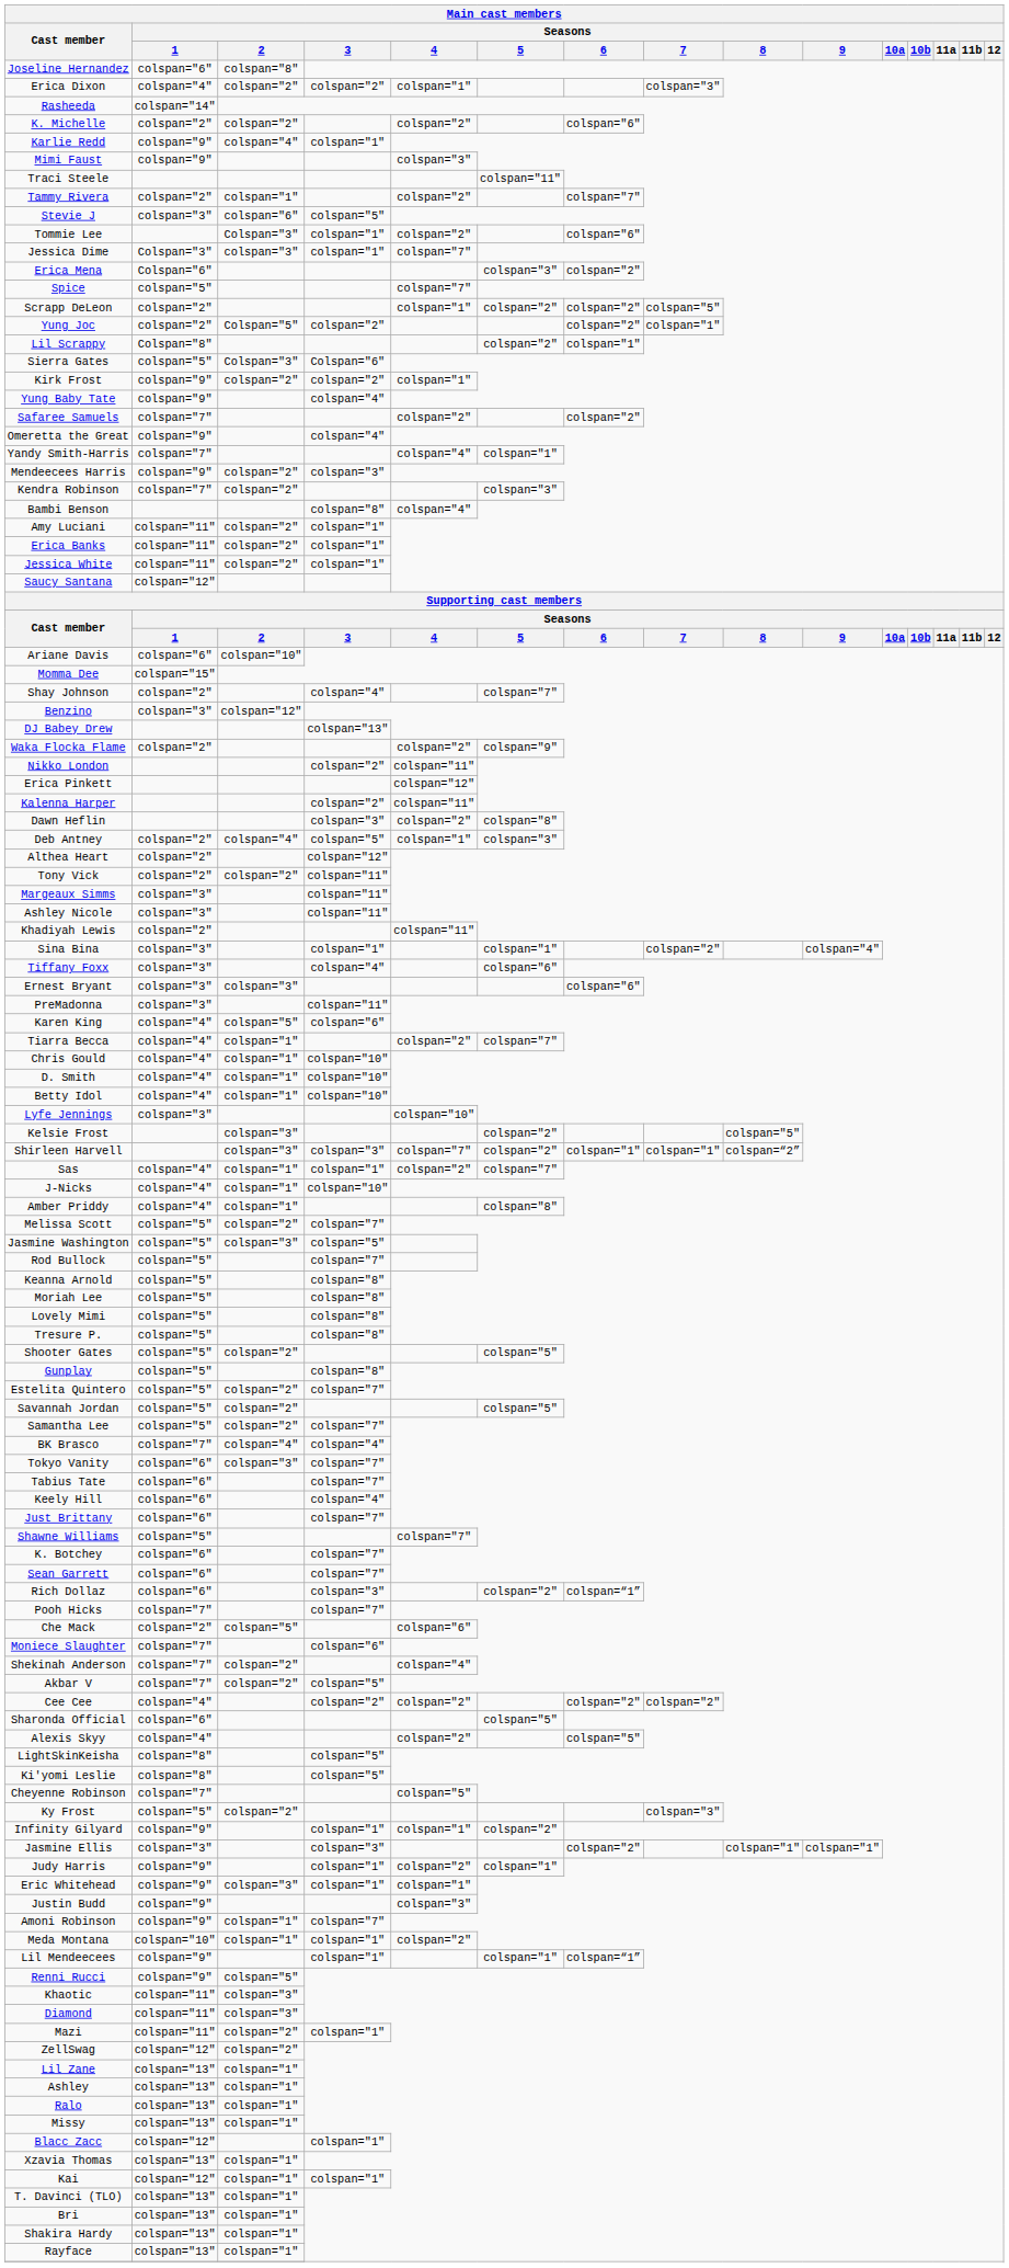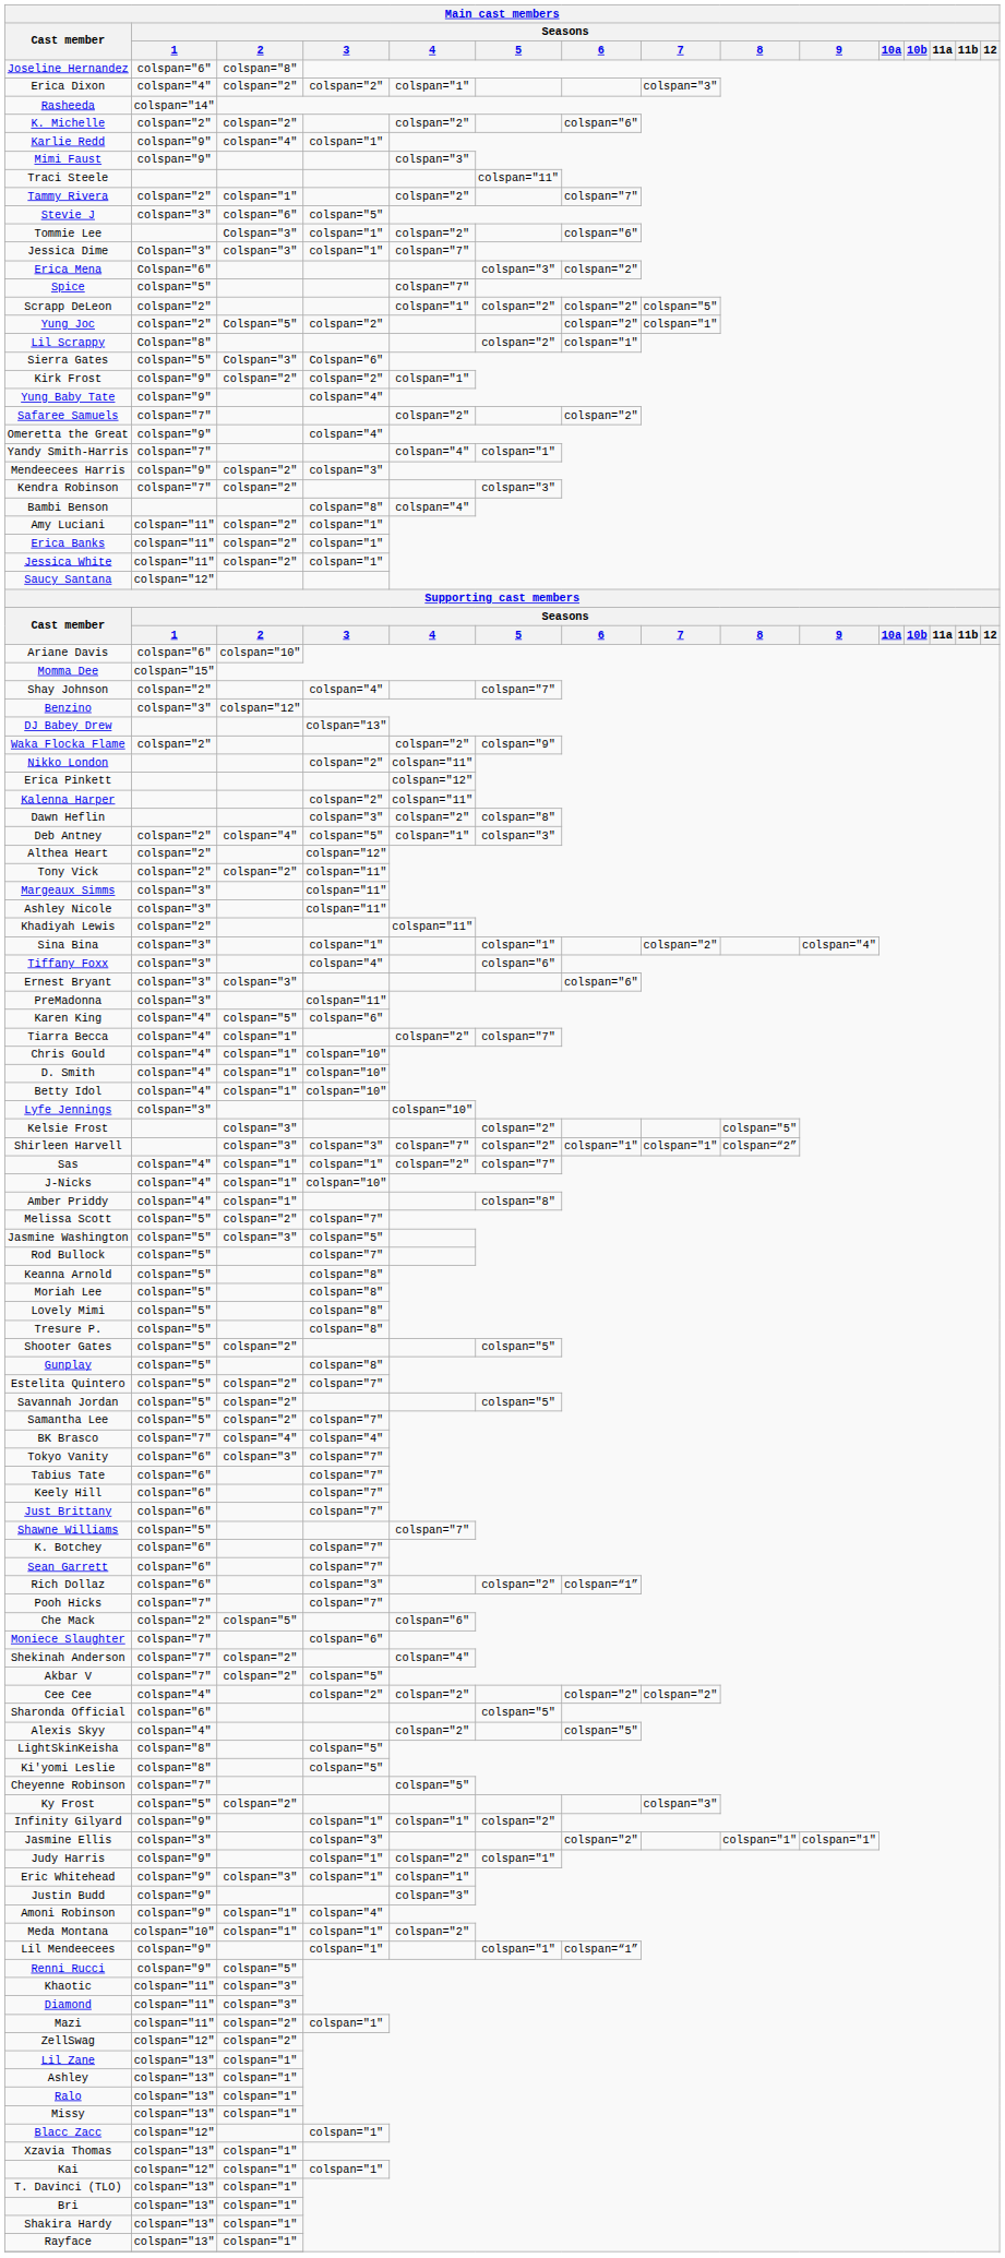 <table class="wikitable plainrowheaders" style="text-align:center;">
 <tr>
 <th colspan=15><a href='#'>Main cast members</a></th>
 </tr>
 <tr>
 <th rowspan="2" scope="col">Cast member</th>
 <th scope="col" colspan="14">Seasons</th>
 </tr>
 <tr>
 <th scope="col"><a href='#'>1</a></th>
 <th scope="col"><a href='#'>2</a></th>
 <th scope="col"><a href='#'>3</a></th>
 <th scope="col"><a href='#'>4</a></th>
 <th scope="col"><a href='#'>5</a></th>
 <th scope="col"><a href='#'>6</a></th>
 <th scope="col"><a href='#'>7</a></th>
 <th scope="col"><a href='#'>8</a></th>
 <th scope="col"><a href='#'>9</a></th>
 <th scope="col"><a href='#'>10a</a></th>
 <th scope="col"><a href='#'>10b</a></th>
 <th scope="col">11a</th>
 <th scope="col">11b</th>
 <th scope="col">12</th>
 </tr>
 <tr>
 <td scope="row"><a href='#'>Joseline Hernandez</a></td>
 <td>colspan="6" </td>
 <td>colspan="8" </td>
 </tr>
 <tr>
 <td scope="row">Erica Dixon</td>
 <td>colspan="4" </td>
 <td>colspan="2" </td>
 <td>colspan="2" </td>
 <td>colspan="1" </td>
 <td></td>
 <td></td>
 <td>colspan="3" </td>
 </tr>
 <tr>
 <td scope="row"><a href='#'>Rasheeda</a></td>
 <td>colspan="14" </td>
 </tr>
 <tr>
 <td scope="row"><a href='#'>K. Michelle</a></td>
 <td>colspan="2" </td>
 <td>colspan="2" </td>
 <td></td>
 <td>colspan="2" </td>
 <td></td>
 <td>colspan="6" </td>
 </tr>
 <tr>
 <td scope="row"><a href='#'>Karlie Redd</a></td>
 <td>colspan="9" </td>
 <td>colspan="4" </td>
 <td>colspan="1" </td>
 </tr>
 <tr>
 <td scope="row"><a href='#'>Mimi Faust</a></td>
 <td>colspan="9" </td>
 <td></td>
 <td></td>
 <td>colspan="3" </td>
 </tr>
 <tr>
 <td scope="row">Traci Steele</td>
 <td></td>
 <td></td>
 <td></td>
 <td></td>
 <td>colspan="11" </td>
 </tr>
 <tr>
 <td scope="row"><a href='#'>Tammy Rivera</a></td>
 <td>colspan="2" </td>
 <td>colspan="1" </td>
 <td></td>
 <td>colspan="2" </td>
 <td></td>
 <td>colspan="7" </td>
 </tr>
 <tr>
 <td scope="row"><a href='#'>Stevie J</a></td>
 <td>colspan="3" </td>
 <td>colspan="6" </td>
 <td>colspan="5" </td>
 </tr>
 <tr>
 <td scope="row">Tommie Lee</td>
 <td></td>
 <td>Colspan="3" </td>
 <td>colspan="1" </td>
 <td>colspan="2" </td>
 <td></td>
 <td>colspan="6" </td>
 </tr>
 <tr>
 <td scope="row">Jessica Dime</td>
 <td>Colspan="3" </td>
 <td>colspan="3" </td>
 <td>colspan="1" </td>
 <td>colspan="7" </td>
 </tr>
 <tr>
 <td scope="row"><a href='#'>Erica Mena</a></td>
 <td>Colspan="6" </td>
 <td></td>
 <td></td>
 <td></td>
 <td>colspan="3" </td>
 <td>colspan="2" </td>
 </tr>
 <tr>
 <td scope="row"><a href='#'>Spice</a></td>
 <td>colspan="5" </td>
 <td></td>
 <td></td>
 <td>colspan="7" </td>
 </tr>
 <tr>
 <td scope="row">Scrapp DeLeon</td>
 <td>colspan="2" </td>
 <td></td>
 <td></td>
 <td>colspan="1" </td>
 <td>colspan="2" </td>
 <td>colspan="2" </td>
 <td>colspan="5" </td>
 </tr>
 <tr>
 <td scope="row"><a href='#'>Yung Joc</a></td>
 <td>colspan="2" </td>
 <td>Colspan="5" </td>
 <td>colspan="2" </td>
 <td></td>
 <td></td>
 <td>colspan="2" </td>
 <td>colspan="1" </td>
 </tr>
 <tr>
 <td scope="row"><a href='#'>Lil Scrappy</a></td>
 <td>Colspan="8" </td>
 <td></td>
 <td></td>
 <td></td>
 <td>colspan="2" </td>
 <td>colspan="1" </td>
 </tr>
 <tr>
 <td scope="row">Sierra Gates</td>
 <td>colspan="5" </td>
 <td>Colspan="3" </td>
 <td>Colspan="6" </td>
 </tr>
 <tr>
 <td scope="row">Kirk Frost</td>
 <td>colspan="9" </td>
 <td>colspan="2" </td>
 <td>colspan="2" </td>
 <td>colspan="1" </td>
 </tr>
 <tr>
 <td scope="row"><a href='#'>Yung Baby Tate</a></td>
 <td>colspan="9" </td>
 <td></td>
 <td>colspan="4" </td>
 </tr>
 <tr>
 <td scope="row"><a href='#'>Safaree Samuels</a></td>
 <td>colspan="7" </td>
 <td></td>
 <td></td>
 <td>colspan="2" </td>
 <td></td>
 <td>colspan="2" </td>
 </tr>
 <tr>
 <td scope="row">Omeretta the Great</td>
 <td>colspan="9" </td>
 <td></td>
 <td>colspan="4" </td>
 </tr>
 <tr>
 <td scope="row">Yandy Smith-Harris</td>
 <td>colspan="7" </td>
 <td></td>
 <td></td>
 <td>colspan="4" </td>
 <td>colspan="1" </td>
 </tr>
 <tr>
 <td scope="row">Mendeecees Harris</td>
 <td>colspan="9" </td>
 <td>colspan="2" </td>
 <td>colspan="3" </td>
 </tr>
 <tr>
 <td scope="row">Kendra Robinson</td>
 <td>colspan="7" </td>
 <td>colspan="2" </td>
 <td></td>
 <td></td>
 <td>colspan="3" </td>
 </tr>
 <tr>
 <td scope="row">Bambi Benson</td>
 <td></td>
 <td></td>
 <td>colspan="8" </td>
 <td>colspan="4" </td>
 </tr>
 <tr>
 <td scope="row">Amy Luciani</td>
 <td>colspan="11" </td>
 <td>colspan="2" </td>
 <td>colspan="1" </td>
 </tr>
 <tr>
 <td scope="row"><a href='#'>Erica Banks</a></td>
 <td>colspan="11" </td>
 <td>colspan="2" </td>
 <td>colspan="1" </td>
 </tr>
 <tr>
 <td scope="row"><a href='#'>Jessica White</a></td>
 <td>colspan="11" </td>
 <td>colspan="2" </td>
 <td>colspan="1" </td>
 </tr>
 <tr>
 <td scope="row"><a href='#'>Saucy Santana</a></td>
 <td>colspan="12" </td>
 <td></td>
 <td></td>
 </tr>
 <tr>
 <th colspan=15><a href='#'>Supporting cast members</a></th>
 </tr>
 <tr>
 <th rowspan="2" scope="col">Cast member</th>
 <th scope="col" colspan="14">Seasons</th>
 </tr>
 <tr>
 <th scope="col"><a href='#'>1</a></th>
 <th scope="col"><a href='#'>2</a></th>
 <th scope="col"><a href='#'>3</a></th>
 <th scope="col"><a href='#'>4</a></th>
 <th scope="col"><a href='#'>5</a></th>
 <th scope="col"><a href='#'>6</a></th>
 <th scope="col"><a href='#'>7</a></th>
 <th scope="col"><a href='#'>8</a></th>
 <th scope="col"><a href='#'>9</a></th>
 <th scope="col"><a href='#'>10a</a></th>
 <th scope="col"><a href='#'>10b</a></th>
 <th scope="col">11a</th>
 <th scope="col">11b</th>
 <th scope="col">12</th>
 </tr>
 <tr>
 <td scope="row">Ariane Davis</td>
 <td>colspan="6" </td>
 <td>colspan="10" </td>
 </tr>
 <tr>
 <td scope="row"><a href='#'>Momma Dee</a></td>
 <td>colspan="15" </td>
 </tr>
 <tr>
 <td scope="row">Shay Johnson</td>
 <td>colspan="2" </td>
 <td></td>
 <td>colspan="4" </td>
 <td></td>
 <td>colspan="7" </td>
 </tr>
 <tr>
 <td scope="row"><a href='#'>Benzino</a></td>
 <td>colspan="3" </td>
 <td>colspan="12" </td>
 </tr>
 <tr>
 <td scope="row"><a href='#'>DJ Babey Drew</a></td>
 <td></td>
 <td></td>
 <td>colspan="13" </td>
 </tr>
 <tr>
 <td scope="row"><a href='#'>Waka Flocka Flame</a></td>
 <td>colspan="2" </td>
 <td></td>
 <td></td>
 <td>colspan="2"  </td>
 <td>colspan="9" </td>
 </tr>
 <tr>
 <td scope="row"><a href='#'>Nikko London</a></td>
 <td></td>
 <td></td>
 <td>colspan="2"  </td>
 <td>colspan="11" </td>
 </tr>
 <tr>
 <td scope="row">Erica Pinkett</td>
 <td></td>
 <td></td>
 <td></td>
 <td>colspan="12" </td>
 </tr>
 <tr>
 <td scope="row"><a href='#'>Kalenna Harper</a></td>
 <td></td>
 <td></td>
 <td>colspan="2" </td>
 <td>colspan="11" </td>
 </tr>
 <tr>
 <td scope="row">Dawn Heflin</td>
 <td></td>
 <td></td>
 <td>colspan="3" </td>
 <td>colspan="2" </td>
 <td>colspan="8" </td>
 </tr>
 <tr>
 <td scope="row">Deb Antney</td>
 <td>colspan="2" </td>
 <td>colspan="4" </td>
 <td>colspan="5" </td>
 <td>colspan="1" </td>
 <td>colspan="3" </td>
 </tr>
 <tr>
 <td scope="row">Althea Heart</td>
 <td>colspan="2" </td>
 <td></td>
 <td>colspan="12" </td>
 </tr>
 <tr>
 <td scope="row">Tony Vick</td>
 <td>colspan="2" </td>
 <td>colspan="2" </td>
 <td>colspan="11" </td>
 </tr>
 <tr>
 <td scope="row"><a href='#'>Margeaux Simms</a></td>
 <td>colspan="3" </td>
 <td></td>
 <td>colspan="11" </td>
 </tr>
 <tr>
 <td scope="row">Ashley Nicole</td>
 <td>colspan="3" </td>
 <td></td>
 <td>colspan="11" </td>
 </tr>
 <tr>
 <td scope="row">Khadiyah Lewis</td>
 <td>colspan="2" </td>
 <td></td>
 <td></td>
 <td>colspan="11" </td>
 </tr>
 <tr>
 <td scope="row">Sina Bina</td>
 <td>colspan="3" </td>
 <td></td>
 <td>colspan="1" </td>
 <td></td>
 <td>colspan="1" </td>
 <td></td>
 <td>colspan="2" </td>
 <td></td>
 <td>colspan="4" </td>
 </tr>
 <tr>
 <td scope="row"><a href='#'>Tiffany Foxx</a></td>
 <td>colspan="3" </td>
 <td></td>
 <td>colspan="4" </td>
 <td></td>
 <td>colspan="6" </td>
 </tr>
 <tr>
 <td scope="row">Ernest Bryant</td>
 <td>colspan="3" </td>
 <td>colspan="3" </td>
 <td></td>
 <td></td>
 <td></td>
 <td>colspan="6" </td>
 </tr>
 <tr>
 <td scope="row">PreMadonna</td>
 <td>colspan="3" </td>
 <td></td>
 <td>colspan="11" </td>
 </tr>
 <tr>
 <td scope="row">Karen King</td>
 <td>colspan="4" </td>
 <td>colspan="5" </td>
 <td>colspan="6" </td>
 </tr>
 <tr>
 <td scope="row">Tiarra Becca</td>
 <td>colspan="4" </td>
 <td>colspan="1" </td>
 <td></td>
 <td>colspan="2" </td>
 <td>colspan="7" </td>
 </tr>
 <tr>
 <td scope="row">Chris Gould</td>
 <td>colspan="4" </td>
 <td>colspan="1" </td>
 <td>colspan="10" </td>
 </tr>
 <tr>
 <td scope="row">D. Smith</td>
 <td>colspan="4" </td>
 <td>colspan="1" </td>
 <td>colspan="10" </td>
 </tr>
 <tr>
 <td scope="row">Betty Idol</td>
 <td>colspan="4" </td>
 <td>colspan="1" </td>
 <td>colspan="10" </td>
 </tr>
 <tr>
 <td scope="row"><a href='#'>Lyfe Jennings</a></td>
 <td>colspan="3" </td>
 <td></td>
 <td></td>
 <td>colspan="10" </td>
 </tr>
 <tr>
 <td scope="row">Kelsie Frost</td>
 <td></td>
 <td>colspan="3" </td>
 <td></td>
 <td></td>
 <td>colspan="2" </td>
 <td></td>
 <td></td>
 <td>colspan="5" </td>
 </tr>
 <tr>
 <td scope="row">Shirleen Harvell</td>
 <td></td>
 <td>colspan="3" </td>
 <td>colspan="3" </td>
 <td>colspan="7" </td>
 <td>colspan="2" </td>
 <td>colspan="1" </td>
 <td>colspan="1" </td>
 <td>colspan=“2” </td>
 </tr>
 <tr>
 <td scope="row">Sas</td>
 <td>colspan="4" </td>
 <td>colspan="1" </td>
 <td>colspan="1" </td>
 <td>colspan="2" </td>
 <td>colspan="7" </td>
 </tr>
 <tr>
 <td scope="row">J-Nicks</td>
 <td>colspan="4" </td>
 <td>colspan="1" </td>
 <td>colspan="10" </td>
 </tr>
 <tr>
 <td scope="row">Amber Priddy</td>
 <td>colspan="4" </td>
 <td>colspan="1" </td>
 <td></td>
 <td></td>
 <td>colspan="8" </td>
 </tr>
 <tr>
 <td scope="row">Melissa Scott</td>
 <td>colspan="5" </td>
 <td>colspan="2" </td>
 <td>colspan="7" </td>
 </tr>
 <tr>
 <td scope="row">Jasmine Washington</td>
 <td>colspan="5" </td>
 <td>colspan="3" </td>
 <td>colspan="5" </td>
 <td></td>
 </tr>
 <tr>
 <td scope="row">Rod Bullock</td>
 <td>colspan="5" </td>
 <td></td>
 <td>colspan="7" </td>
 <td></td>
 </tr>
 <tr>
 <td scope="row">Keanna Arnold</td>
 <td>colspan="5" </td>
 <td></td>
 <td>colspan="8" </td>
 </tr>
 <tr>
 <td scope="row">Moriah Lee</td>
 <td>colspan="5" </td>
 <td></td>
 <td>colspan="8" </td>
 </tr>
 <tr>
 <td scope="row">Lovely Mimi</td>
 <td>colspan="5" </td>
 <td></td>
 <td>colspan="8" </td>
 </tr>
 <tr>
 <td scope="row">Tresure P.</td>
 <td>colspan="5" </td>
 <td></td>
 <td>colspan="8" </td>
 </tr>
 <tr>
 <td scope="row">Shooter Gates</td>
 <td>colspan="5" </td>
 <td>colspan="2" </td>
 <td></td>
 <td></td>
 <td>colspan="5" </td>
 </tr>
 <tr>
 <td scope="row"><a href='#'>Gunplay</a></td>
 <td>colspan="5" </td>
 <td></td>
 <td>colspan="8" </td>
 </tr>
 <tr>
 <td scope="row">Estelita Quintero</td>
 <td>colspan="5" </td>
 <td>colspan="2" </td>
 <td>colspan="7" </td>
 </tr>
 <tr>
 <td scope="row">Savannah Jordan</td>
 <td>colspan="5" </td>
 <td>colspan="2" </td>
 <td></td>
 <td></td>
 <td>colspan="5" </td>
 </tr>
 <tr>
 <td scope="row">Samantha Lee</td>
 <td>colspan="5" </td>
 <td>colspan="2" </td>
 <td>colspan="7" </td>
 </tr>
 <tr>
 <td scope="row">BK Brasco</td>
 <td>colspan="7" </td>
 <td>colspan="4" </td>
 <td>colspan="4" </td>
 </tr>
 <tr>
 <td scope="row">Tokyo Vanity</td>
 <td>colspan="6" </td>
 <td>colspan="3" </td>
 <td>colspan="7" </td>
 </tr>
 <tr>
 <td scope="row">Tabius Tate</td>
 <td>colspan="6" </td>
 <td></td>
 <td>colspan="7" </td>
 </tr>
 <tr>
 <td scope="row">Keely Hill</td>
 <td>colspan="6" </td>
 <td></td>
-<td>colspan="4" </td>
+<td>colspan="7" </td>
 </tr>
 <tr>
 <td scope="row"><a href='#'>Just Brittany</a></td>
 <td>colspan="6" </td>
 <td></td>
 <td>colspan="7" </td>
 </tr>
 <tr>
 <td scope="row"><a href='#'>Shawne Williams</a></td>
 <td>colspan="5" </td>
 <td></td>
 <td></td>
 <td>colspan="7" </td>
 </tr>
 <tr>
 <td scope="row">K. Botchey</td>
 <td>colspan="6" </td>
 <td></td>
 <td>colspan="7" </td>
 </tr>
 <tr>
 <td scope="row"><a href='#'>Sean Garrett</a></td>
 <td>colspan="6" </td>
 <td></td>
 <td>colspan="7" </td>
 </tr>
 <tr>
 <td scope="row">Rich Dollaz</td>
 <td>colspan="6" </td>
 <td></td>
 <td>colspan="3" </td>
 <td></td>
 <td>colspan="2" </td>
 <td>colspan=“1” </td>
 </tr>
 <tr>
 <td scope="row">Pooh Hicks</td>
 <td>colspan="7" </td>
 <td></td>
 <td>colspan="7" </td>
 </tr>
 <tr>
 <td scope="row">Che Mack</td>
 <td>colspan="2" </td>
 <td>colspan="5" </td>
 <td></td>
 <td>colspan="6" </td>
 </tr>
 <tr>
 <td scope="row"><a href='#'>Moniece Slaughter</a></td>
 <td>colspan="7" </td>
 <td></td>
 <td>colspan="6" </td>
 </tr>
 <tr>
 <td scope="row">Shekinah Anderson</td>
 <td>colspan="7" </td>
 <td>colspan="2" </td>
 <td></td>
 <td>colspan="4" </td>
 </tr>
 <tr>
 <td scope="row">Akbar V</td>
 <td>colspan="7" </td>
 <td>colspan="2" </td>
 <td>colspan="5" </td>
 </tr>
 <tr>
 <td scope="row">Cee Cee</td>
 <td>colspan="4" </td>
 <td></td>
 <td>colspan="2" </td>
 <td>colspan="2" </td>
 <td></td>
 <td>colspan="2" </td>
 <td>colspan="2" </td>
 </tr>
 <tr>
 <td scope="row">Sharonda Official</td>
 <td>colspan="6" </td>
 <td></td>
 <td></td>
 <td></td>
 <td>colspan="5" </td>
 </tr>
 <tr>
 <td scope="row">Alexis Skyy</td>
 <td>colspan="4" </td>
 <td></td>
 <td></td>
 <td>colspan="2" </td>
 <td></td>
 <td>colspan="5" </td>
 </tr>
 <tr>
 <td scope="row">LightSkinKeisha</td>
 <td>colspan="8" </td>
 <td></td>
 <td>colspan="5" </td>
 </tr>
 <tr>
 <td scope="row">Ki'yomi Leslie</td>
 <td>colspan="8" </td>
 <td></td>
 <td>colspan="5" </td>
 </tr>
 <tr>
 <td scope="row">Cheyenne Robinson</td>
 <td>colspan="7" </td>
 <td></td>
 <td></td>
 <td>colspan="5" </td>
 </tr>
 <tr>
 <td scope="row">Ky Frost</td>
 <td>colspan="5" </td>
 <td>colspan="2" </td>
 <td></td>
 <td></td>
 <td></td>
 <td></td>
 <td>colspan="3" </td>
 </tr>
 <tr>
 <td scope="row">Infinity Gilyard</td>
 <td>colspan="9" </td>
 <td></td>
 <td>colspan="1" </td>
 <td>colspan="1" </td>
 <td>colspan="2" </td>
 </tr>
 <tr>
 <td scope="row">Jasmine Ellis</td>
 <td>colspan="3" </td>
 <td></td>
 <td>colspan="3" </td>
 <td></td>
 <td></td>
 <td>colspan="2" </td>
 <td></td>
 <td>colspan="1" </td>
 <td>colspan="1" </td>
 </tr>
 <tr>
 <td scope="row">Judy Harris</td>
 <td>colspan="9" </td>
 <td></td>
 <td>colspan="1" </td>
 <td>colspan="2" </td>
 <td>colspan="1" </td>
 </tr>
 <tr>
 <td scope="row">Eric Whitehead</td>
 <td>colspan="9" </td>
 <td>colspan="3" </td>
 <td>colspan="1" </td>
 <td>colspan="1" </td>
 </tr>
 <tr>
 <td scope="row">Justin Budd</td>
 <td>colspan="9" </td>
 <td></td>
 <td></td>
 <td>colspan="3" </td>
 </tr>
 <tr>
 <td scope="row">Amoni Robinson</td>
 <td>colspan="9" </td>
 <td>colspan="1" </td>
-<td>colspan="7" </td>
+<td>colspan="4" </td>
 </tr>
 <tr>
 <td scope="row">Meda Montana</td>
 <td>colspan="10" </td>
 <td>colspan="1" </td>
 <td>colspan="1" </td>
 <td>colspan="2" </td>
 </tr>
 <tr>
 <td scope="row">Lil Mendeecees</td>
 <td>colspan="9" </td>
 <td></td>
 <td>colspan="1" </td>
 <td></td>
 <td>colspan="1" </td>
 <td>colspan=“1” </td>
 </tr>
 <tr>
 <td scope="row"><a href='#'>Renni Rucci</a></td>
 <td>colspan="9" </td>
 <td>colspan="5" </td>
 </tr>
 <tr>
 <td scope="row">Khaotic</td>
 <td>colspan="11" </td>
 <td>colspan="3" </td>
 </tr>
 <tr>
 <td scope="row"><a href='#'>Diamond</a></td>
 <td>colspan="11" </td>
 <td>colspan="3" </td>
 </tr>
 <tr>
 <td scope="row">Mazi</td>
 <td>colspan="11" </td>
 <td>colspan="2" </td>
 <td>colspan="1" </td>
 </tr>
 <tr>
 <td scope="row">ZellSwag</td>
 <td>colspan="12" </td>
 <td>colspan="2" </td>
 </tr>
 <tr>
 <td scope="row"><a href='#'>Lil Zane</a></td>
 <td>colspan="13" </td>
 <td>colspan="1" </td>
 </tr>
 <tr>
 <td scope="row">Ashley</td>
 <td>colspan="13" </td>
 <td>colspan="1" </td>
 </tr>
 <tr>
 <td scope="row"><a href='#'>Ralo</a></td>
 <td>colspan="13" </td>
 <td>colspan="1" </td>
 </tr>
 <tr>
 <td scope="row">Missy</td>
 <td>colspan="13" </td>
 <td>colspan="1" </td>
 </tr>
 <tr>
 <td scope="row"><a href='#'>Blacc Zacc</a></td>
 <td>colspan="12" </td>
 <td></td>
 <td>colspan="1" </td>
 </tr>
 <tr>
 <td scope="row">Xzavia Thomas</td>
 <td>colspan="13" </td>
 <td>colspan="1" </td>
 </tr>
 <tr>
 <td scope="row">Kai</td>
 <td>colspan="12" </td>
 <td>colspan="1" </td>
 <td>colspan="1" </td>
 </tr>
 <tr>
 <td scope="row">T. Davinci (TLO)</td>
 <td>colspan="13" </td>
 <td>colspan="1" </td>
 </tr>
 <tr>
 <td scope="row">Bri</td>
 <td>colspan="13" </td>
 <td>colspan="1" </td>
 </tr>
 <tr>
 <td scope="row">Shakira Hardy</td>
 <td>colspan="13" </td>
 <td>colspan="1" </td>
 </tr>
 <tr>
 <td scope="row">Rayface</td>
 <td>colspan="13" </td>
 <td>colspan="1" </td>
 </tr>
 <tr>
 </tr>
 </table>
